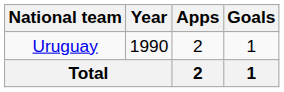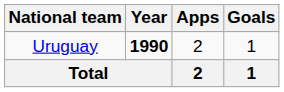 <table class="wikitable" style="text-align:center">
 <tr>
 <th>National team</th>
 <th>Year</th>
 <th>Apps</th>
 <th>Goals</th>
 </tr>
 <tr>
 <td rowspan=1><a href='#'>Uruguay</a></td>
-<td>1990</td>
+<td><strong>1990</strong></td>
 <td>2</td>
 <td>1</td>
 </tr>
 <tr>
 <th colspan=2>Total</th>
 <th>2</th>
 <th>1</th>
 </tr>
 </table>
